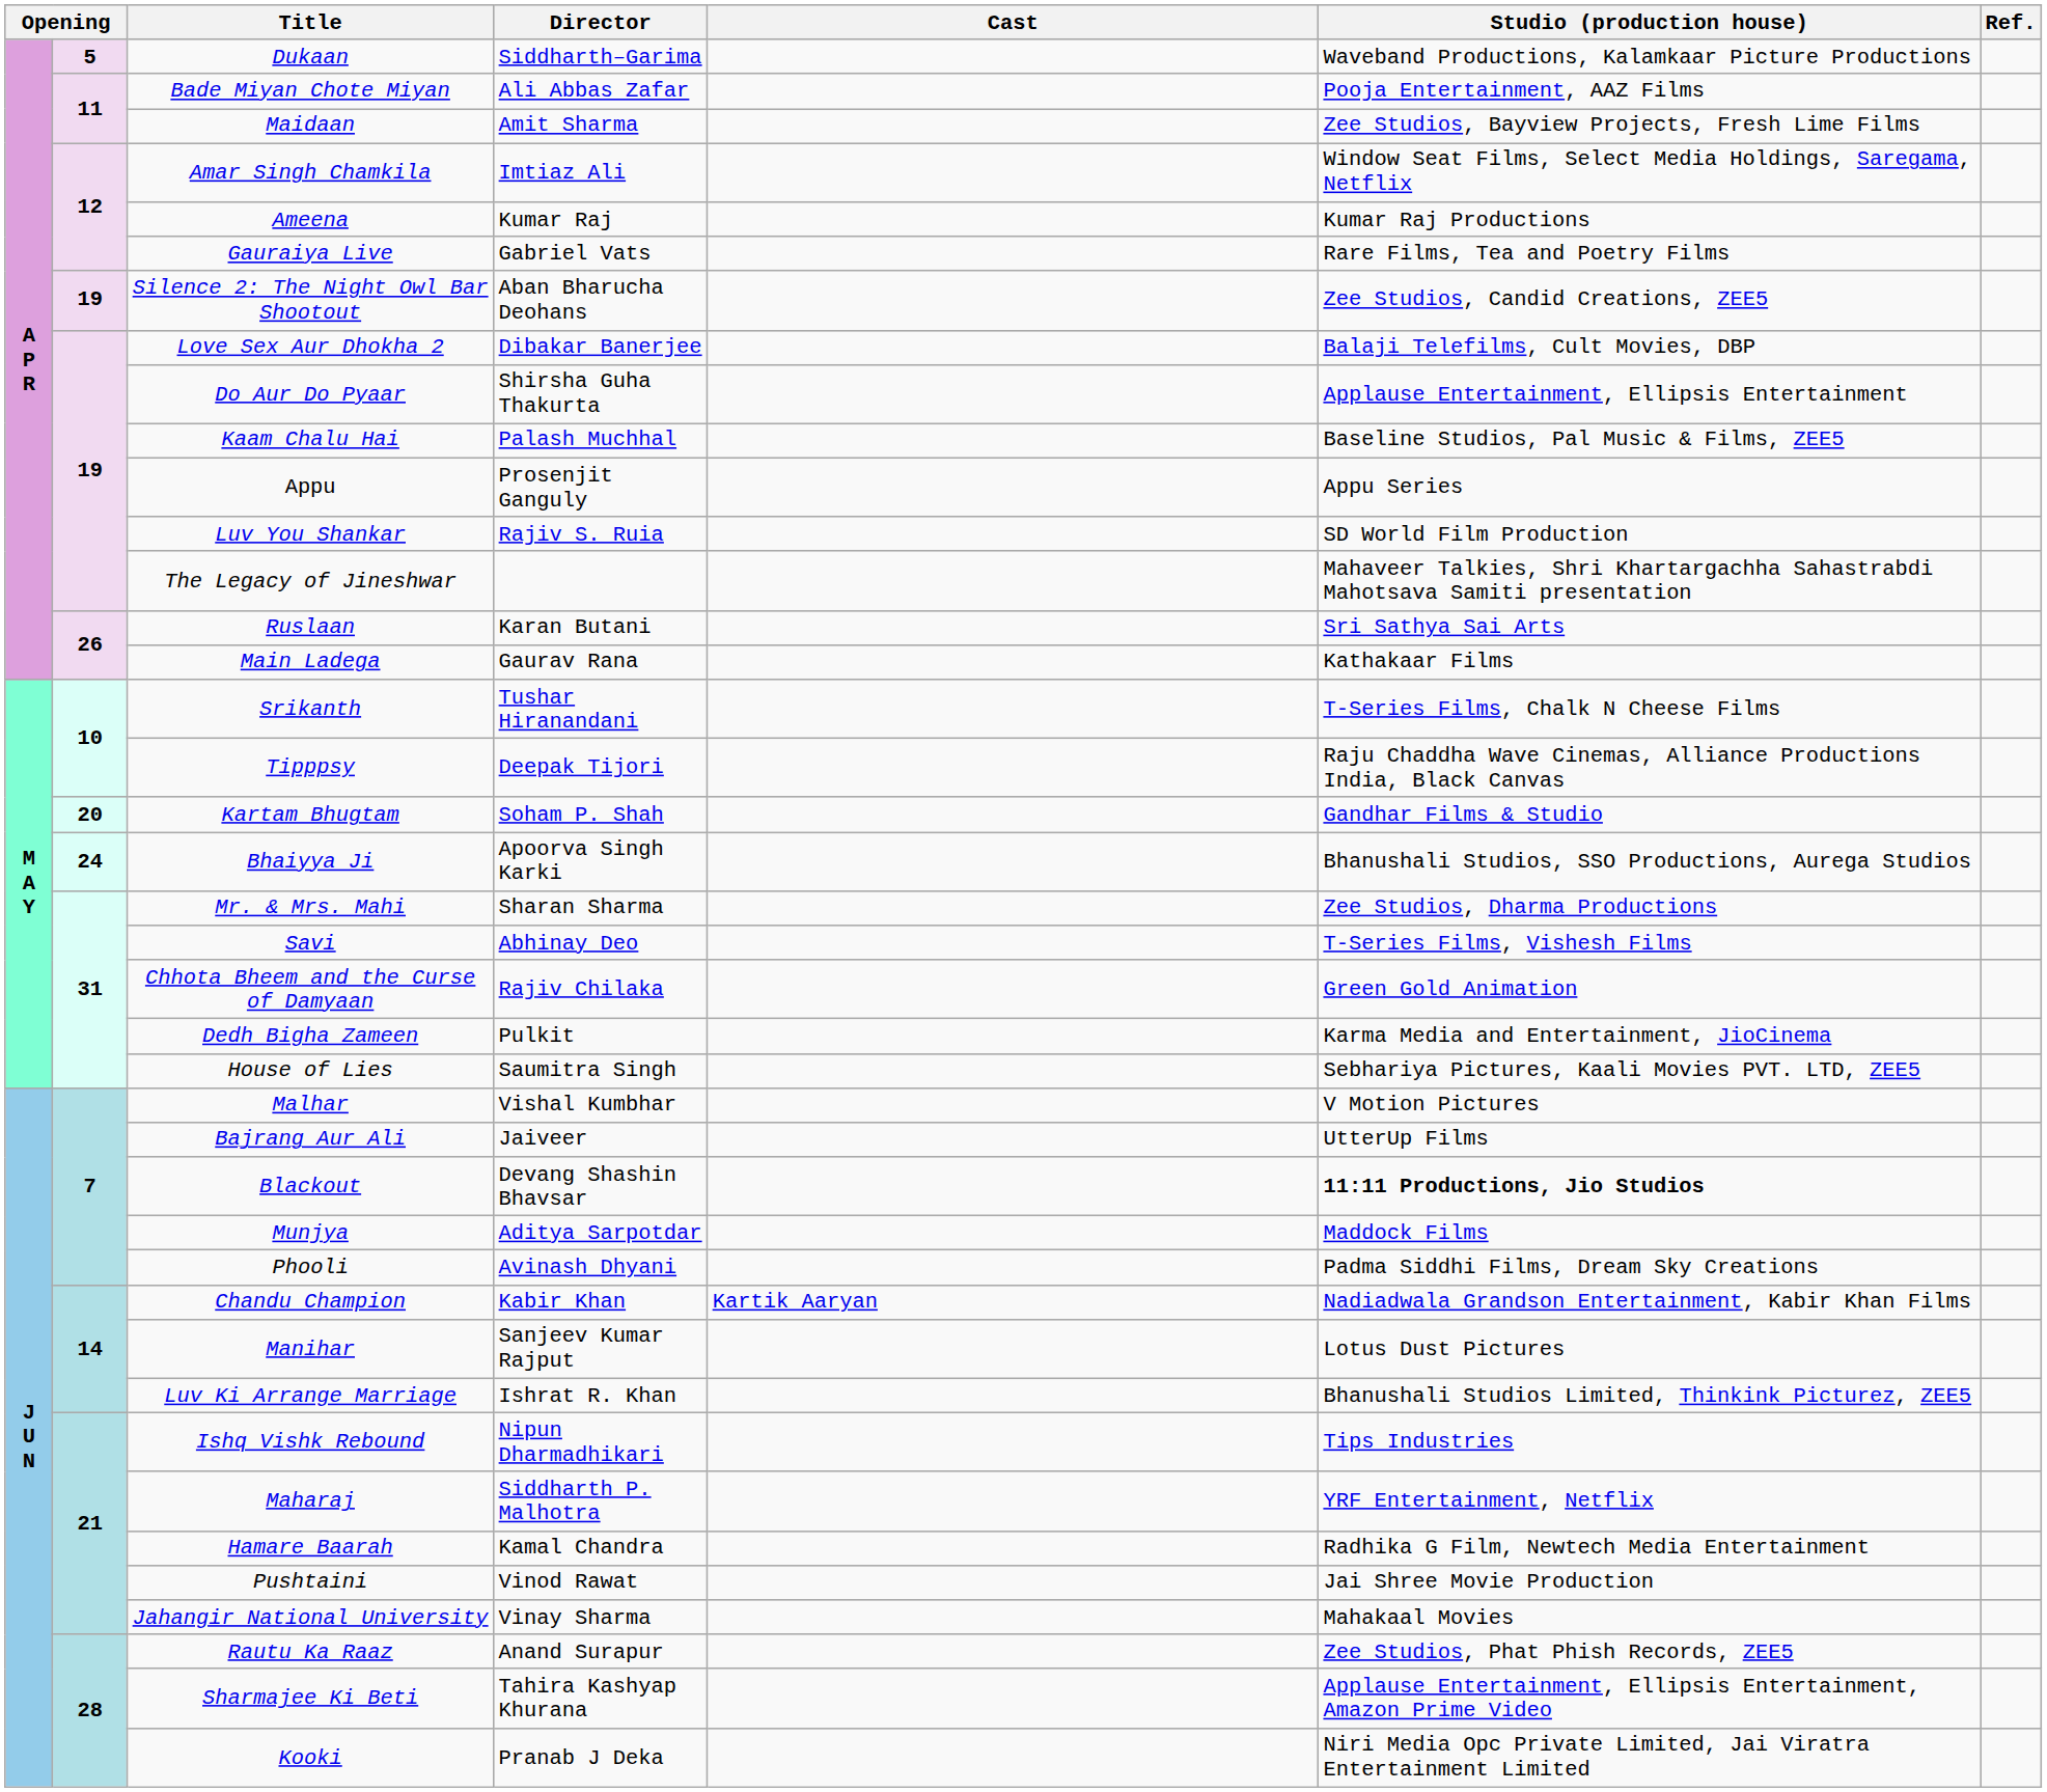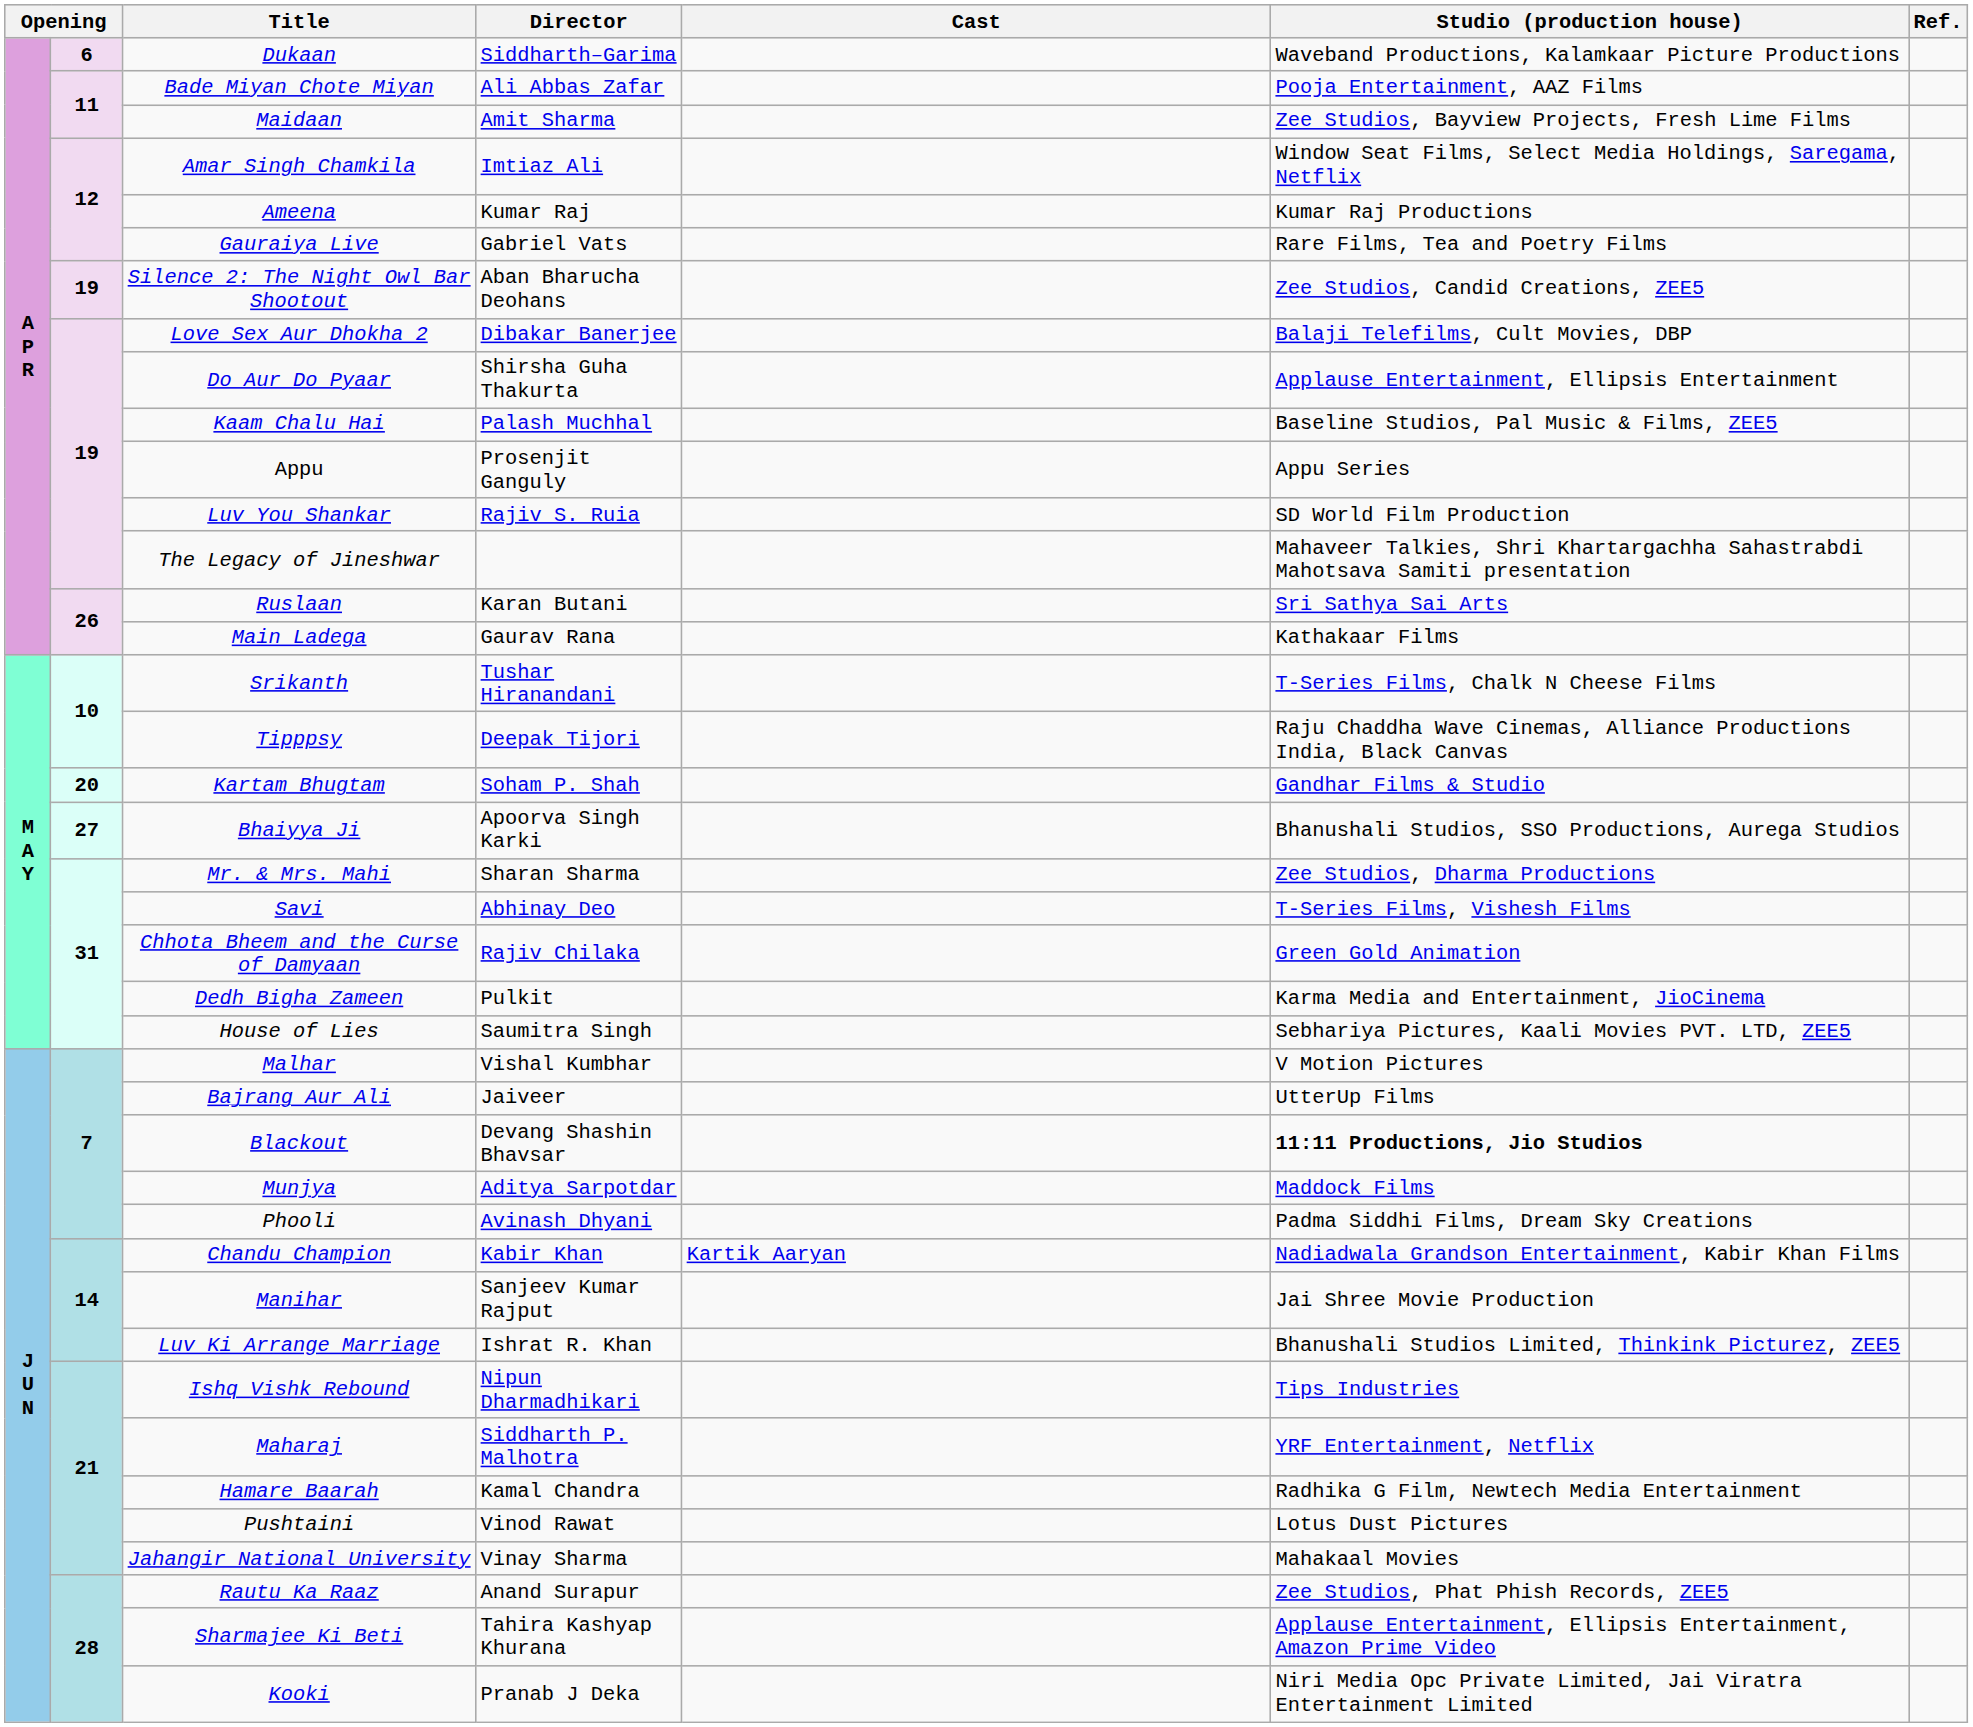 <table class="wikitable">
 <tr>
 <th colspan="2" style="width:6%;"><strong>Opening</strong></th>
 <th style="width:18%;"><strong>Title</strong></th>
 <th style="width:10.5%;"><strong>Director</strong></th>
 <th style="width:30%;"><strong>Cast</strong></th>
 <th>Studio (production house)</th>
 <th>Ref.</th>
 </tr>
 <tr>
 <td rowspan="15" style="text-align:center; background:plum; textcolor:#000;"><strong>A<br>P<br>R</strong></td>
-<td style="text-align:center;background:#f1daf1;"><strong>5</strong></td>
+<td style="text-align:center;background:#f1daf1;"><strong>6</strong></td>
 <td style="text-align:center;"><em><a href='#'>Dukaan</a></em></td>
 <td><a href='#'>Siddharth–Garima</a></td>
 <td></td>
 <td>Waveband Productions, Kalamkaar Picture Productions</td>
 <td></td>
 </tr>
 <tr>
 <td rowspan="2" style="text-align:center;background:#f1daf1;"><strong>11</strong></td>
 <td style="text-align:center;"><em><a href='#'>Bade Miyan Chote Miyan</a></em></td>
 <td><a href='#'>Ali Abbas Zafar</a></td>
 <td></td>
 <td><a href='#'>Pooja Entertainment</a>, AAZ Films</td>
 <td></td>
 </tr>
 <tr>
 <td style="text-align:center;"><em><a href='#'>Maidaan</a></em></td>
 <td><a href='#'>Amit Sharma</a></td>
 <td></td>
 <td><a href='#'>Zee Studios</a>, Bayview Projects, Fresh Lime Films</td>
 <td></td>
 </tr>
 <tr>
 <td rowspan="3" style="text-align:center;background:#f1daf1;"><strong>12</strong></td>
 <td style="text-align:center;"><em><a href='#'>Amar Singh Chamkila</a></em></td>
 <td><a href='#'>Imtiaz Ali</a></td>
 <td></td>
 <td>Window Seat Films, Select Media Holdings, <a href='#'>Saregama</a>, <a href='#'>Netflix</a></td>
 <td></td>
 </tr>
 <tr>
 <td style="text-align:center;"><a href='#'><em>Ameena</em></a></td>
 <td>Kumar Raj</td>
 <td></td>
 <td>Kumar Raj Productions</td>
 <td></td>
 </tr>
 <tr>
 <td style="text-align:center;"><em><a href='#'>Gauraiya Live</a></em></td>
 <td>Gabriel Vats</td>
 <td></td>
 <td>Rare Films, Tea and Poetry Films</td>
 <td></td>
 </tr>
 <tr>
 <td style="text-align:center;background:#f1daf1;"><strong>19</strong></td>
 <td style="text-align:center;"><em><a href='#'>Silence 2: The Night Owl Bar Shootout</a></em></td>
 <td>Aban Bharucha Deohans</td>
 <td></td>
 <td><a href='#'>Zee Studios</a>, Candid Creations, <a href='#'>ZEE5</a></td>
 <td></td>
 </tr>
 <tr>
 <td rowspan="6" style="text-align:center;background:#f1daf1;"><strong>19</strong></td>
 <td style="text-align:center;"><em><a href='#'>Love Sex Aur Dhokha 2</a> </em></td>
 <td><a href='#'>Dibakar Banerjee</a></td>
 <td></td>
 <td><a href='#'>Balaji Telefilms</a>, Cult Movies, DBP</td>
 <td></td>
 </tr>
 <tr>
 <td style="text-align:center;"><em><a href='#'>Do Aur Do Pyaar</a></em></td>
 <td>Shirsha Guha Thakurta</td>
 <td></td>
 <td><a href='#'>Applause Entertainment</a>, Ellipsis Entertainment</td>
 <td></td>
 </tr>
 <tr>
 <td style="text-align:center;"><em><a href='#'>Kaam Chalu Hai</a></em></td>
 <td><a href='#'>Palash Muchhal</a></td>
 <td></td>
 <td>Baseline Studios, Pal Music & Films, <a href='#'>ZEE5</a></td>
 <td></td>
 </tr>
 <tr>
 <td style="text-align:center;">Appu</td>
 <td>Prosenjit Ganguly</td>
 <td></td>
 <td>Appu Series</td>
 <td></td>
 </tr>
 <tr>
 <td style="text-align:center;"><em><a href='#'>Luv You Shankar</a></em></td>
 <td><a href='#'>Rajiv S. Ruia</a></td>
 <td></td>
 <td>SD World Film Production</td>
 <td></td>
 </tr>
 <tr>
 <td style="text-align:center;"><em>The Legacy of Jineshwar</em></td>
 <td></td>
 <td></td>
 <td>Mahaveer Talkies, Shri Khartargachha Sahastrabdi Mahotsava Samiti presentation</td>
 <td></td>
 </tr>
 <tr>
 <td rowspan="2" style="text-align:center;background:#f1daf1;"><strong>26</strong></td>
 <td style="text-align:center;"><em><a href='#'>Ruslaan</a></em></td>
 <td>Karan Butani</td>
 <td></td>
 <td><a href='#'>Sri Sathya Sai Arts</a></td>
 <td></td>
 </tr>
 <tr>
 <td style="text-align:center;"><em><a href='#'>Main Ladega</a></em></td>
 <td>Gaurav Rana</td>
 <td></td>
 <td>Kathakaar Films</td>
 <td></td>
 </tr>
 <tr>
 <td rowspan="9" style="text-align:center; background:#7FFFD4; textcolor:#000;"><strong>M<br>A<br>Y</strong></td>
 <td rowspan="2" style="text-align:center; background:#dbfff8; qaatextcolor:#000;"><strong>10</strong></td>
 <td style="text-align:center;"><em><a href='#'>Srikanth</a></em></td>
 <td><a href='#'>Tushar Hiranandani</a></td>
 <td></td>
 <td><a href='#'>T-Series Films</a>, Chalk N Cheese Films</td>
 <td></td>
 </tr>
 <tr>
 <td style="text-align:center;"><em><a href='#'>Tipppsy</a></em></td>
 <td><a href='#'>Deepak Tijori</a></td>
 <td></td>
 <td>Raju Chaddha Wave Cinemas, Alliance Productions India, Black Canvas</td>
 <td></td>
 </tr>
 <tr>
 <td style="text-align:center; background:#dbfff8; qaatextcolor:#000;"><strong>20</strong></td>
 <td style="text-align:center;"><em><a href='#'>Kartam Bhugtam</a></em></td>
 <td><a href='#'>Soham P. Shah</a></td>
 <td></td>
 <td><a href='#'>Gandhar Films & Studio</a></td>
 <td></td>
 </tr>
 <tr>
-<td style="text-align:center; background:#dbfff8; qaatextcolor:#000;"><strong>24</strong></td>
+<td style="text-align:center; background:#dbfff8; qaatextcolor:#000;"><strong>27</strong></td>
 <td style="text-align:center;"><em><a href='#'>Bhaiyya Ji</a></em></td>
 <td>Apoorva Singh Karki</td>
 <td></td>
 <td>Bhanushali Studios, SSO Productions, Aurega Studios</td>
 <td></td>
 </tr>
 <tr>
 <td rowspan="5" style="text-align:center; background:#dbfff8; qaatextcolor:#000;"><strong>31</strong></td>
 <td style="text-align:center;"><em><a href='#'>Mr. & Mrs. Mahi</a></em></td>
 <td>Sharan Sharma</td>
 <td></td>
 <td><a href='#'>Zee Studios</a>, <a href='#'>Dharma Productions</a></td>
 <td></td>
 </tr>
 <tr>
 <td style="text-align:center;"><em><a href='#'>Savi</a></em></td>
 <td><a href='#'>Abhinay Deo</a></td>
 <td></td>
 <td><a href='#'>T-Series Films</a>, <a href='#'>Vishesh Films</a></td>
 <td></td>
 </tr>
 <tr>
 <td style="text-align:center;"><em><a href='#'>Chhota Bheem and the Curse of Damyaan</a></em></td>
 <td><a href='#'>Rajiv Chilaka</a></td>
 <td></td>
 <td><a href='#'>Green Gold Animation</a></td>
 <td></td>
 </tr>
 <tr>
 <td style="text-align:center;"><em><a href='#'>Dedh Bigha Zameen</a></em></td>
 <td>Pulkit</td>
 <td></td>
 <td>Karma Media and Entertainment, <a href='#'>JioCinema</a></td>
 <td></td>
 </tr>
 <tr>
 <td style="text-align:center;"><em>House of Lies</em></td>
 <td>Saumitra Singh</td>
 <td></td>
 <td>Sebhariya Pictures, Kaali Movies PVT. LTD,  <a href='#'>ZEE5</a></td>
 <td></td>
 </tr>
 <tr>
 <td rowspan="17" style="text-align:center; background:#93CCEA; textcolor:#000;"><strong>J<br>U<br>N</strong></td>
 <td rowspan="5" style="text-align:center;background:#B0E0E6;"><strong>7</strong></td>
 <td style="text-align:center;"><em><a href='#'>Malhar</a></em></td>
 <td>Vishal Kumbhar</td>
 <td></td>
 <td>V Motion Pictures</td>
 <td></td>
 </tr>
 <tr>
 <td style="text-align:center;"><em><a href='#'>Bajrang Aur Ali</a></em></td>
 <td>Jaiveer</td>
 <td></td>
 <td>UtterUp Films</td>
 <td></td>
 </tr>
 <tr>
 <td style="text-align:center;"><em><a href='#'>Blackout</a></em></td>
 <td>Devang Shashin Bhavsar</td>
 <td></td>
 <td><strong>11:11 Productions, Jio Studios</strong></td>
 <td></td>
 </tr>
 <tr>
 <td style="text-align:center;"><em><a href='#'>Munjya</a></em></td>
 <td><a href='#'>Aditya Sarpotdar</a></td>
 <td></td>
 <td><a href='#'>Maddock Films</a></td>
 <td></td>
 </tr>
 <tr>
 <td style="text-align:center;"><em>Phooli</em></td>
 <td><a href='#'>Avinash Dhyani</a></td>
 <td></td>
 <td>Padma Siddhi Films, Dream Sky Creations</td>
 <td></td>
 </tr>
 <tr>
 <td rowspan="3" style="text-align:center;background:#B0E0E6;"><strong>14</strong></td>
 <td style="text-align:center;"><em><a href='#'>Chandu Champion</a></em></td>
 <td><a href='#'>Kabir Khan</a></td>
 <td><a href='#'>Kartik Aaryan</a></td>
 <td><a href='#'>Nadiadwala Grandson Entertainment</a>, Kabir Khan Films</td>
 <td></td>
 </tr>
 <tr>
 <td style="text-align:center;"><em><a href='#'>Manihar</a></em></td>
 <td>Sanjeev Kumar Rajput</td>
 <td></td>
-<td>Lotus Dust Pictures</td>
+<td>Jai Shree Movie Production</td>
 <td></td>
 </tr>
 <tr>
 <td style="text-align:center;"><em><a href='#'>Luv Ki Arrange Marriage</a></em></td>
 <td>Ishrat R. Khan</td>
 <td></td>
 <td>Bhanushali Studios Limited, <a href='#'>Thinkink Picturez</a>, <a href='#'>ZEE5</a></td>
 <td></td>
 </tr>
 <tr>
 <td rowspan="5" style="text-align:center;background:#B0E0E6;"><strong>21</strong></td>
 <td style="text-align:center;"><em><a href='#'>Ishq Vishk Rebound</a></em></td>
 <td><a href='#'>Nipun Dharmadhikari</a></td>
 <td></td>
 <td><a href='#'>Tips Industries</a></td>
 <td></td>
 </tr>
 <tr>
 <td style="text-align:center;"><em><a href='#'>Maharaj</a></em></td>
 <td><a href='#'>Siddharth P. Malhotra</a></td>
 <td></td>
 <td><a href='#'>YRF Entertainment</a>, <a href='#'>Netflix</a></td>
 <td></td>
 </tr>
 <tr>
 <td style="text-align:center;"><em><a href='#'>Hamare Baarah</a></em></td>
 <td>Kamal Chandra</td>
 <td></td>
 <td>Radhika G Film, Newtech Media Entertainment</td>
 <td></td>
 </tr>
 <tr>
 <td style="text-align:center;"><em>Pushtaini</em></td>
 <td>Vinod Rawat</td>
 <td></td>
-<td>Jai Shree Movie Production</td>
+<td>Lotus Dust Pictures</td>
 <td></td>
 </tr>
 <tr>
 <td style="text-align:center;"><em><a href='#'>Jahangir National University</a></em></td>
 <td>Vinay Sharma</td>
 <td></td>
 <td>Mahakaal Movies</td>
 <td></td>
 </tr>
 <tr>
 <td rowspan="3" style="text-align:center;background:#B0E0E6;"><strong>28</strong></td>
 <td style="text-align:center;"><em><a href='#'>Rautu Ka Raaz</a></em></td>
 <td>Anand Surapur</td>
 <td></td>
 <td><a href='#'>Zee Studios</a>, Phat Phish Records, <a href='#'>ZEE5</a></td>
 <td></td>
 </tr>
 <tr>
 <td style="text-align:center;"><em><a href='#'>Sharmajee Ki Beti</a></em></td>
 <td>Tahira Kashyap Khurana</td>
 <td></td>
 <td><a href='#'>Applause Entertainment</a>, Ellipsis Entertainment, <a href='#'>Amazon Prime Video</a></td>
 <td></td>
 </tr>
 <tr>
 <td style="text-align:center;"><em><a href='#'>Kooki</a></em></td>
 <td>Pranab J Deka</td>
 <td></td>
 <td>Niri Media Opc Private Limited, Jai Viratra Entertainment Limited</td>
 <td></td>
 </tr>
 </table>
